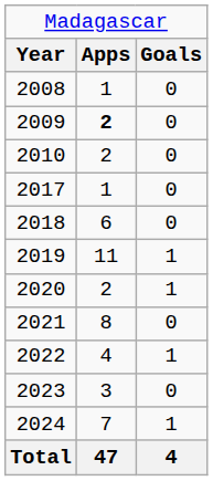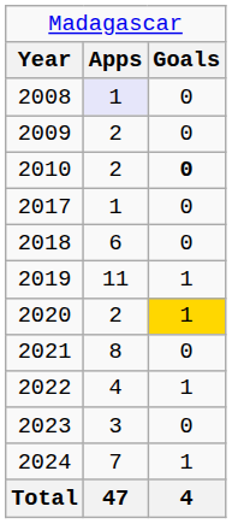 <table class="wikitable" style="text-align:center">
 <tr>
 <td colspan="3"><a href='#'>Madagascar</a></td>
 </tr>
 <tr>
 <th>Year</th>
 <th>Apps</th>
 <th>Goals</th>
 </tr>
 <tr>
 <td>2008</td>
-<td>1</td>
+<td style="background: lavender;">1</td>
 <td>0</td>
 </tr>
 <tr>
 <td>2009</td>
-<td><strong>2</strong></td>
+<td>2</td>
 <td>0</td>
 </tr>
 <tr>
 <td>2010</td>
 <td>2</td>
-<td>0</td>
+<td><strong>0</strong></td>
 </tr>
 <tr>
 <td>2017</td>
 <td>1</td>
 <td>0</td>
 </tr>
 <tr>
 <td>2018</td>
 <td>6</td>
 <td>0</td>
 </tr>
 <tr>
 <td>2019</td>
 <td>11</td>
 <td>1</td>
 </tr>
 <tr>
 <td>2020</td>
 <td>2</td>
-<td>1</td>
+<td style="background: gold;">1</td>
 </tr>
 <tr>
 <td>2021</td>
 <td>8</td>
 <td>0</td>
 </tr>
 <tr>
 <td>2022</td>
 <td>4</td>
 <td>1</td>
 </tr>
 <tr>
 <td>2023</td>
 <td>3</td>
 <td>0</td>
 </tr>
 <tr>
 <td>2024</td>
 <td>7</td>
 <td>1</td>
 </tr>
 <tr>
 <th>Total</th>
 <th>47</th>
 <th>4</th>
 </tr>
 </table>
